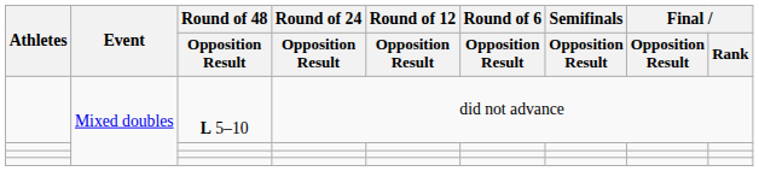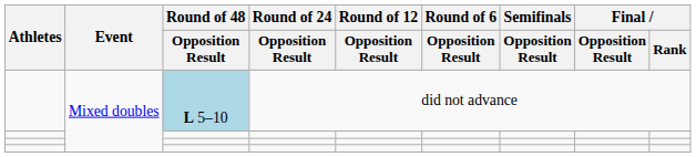 <table class="wikitable" style="font-size:90%; text-align:center;">
 <tr>
 <th rowspan=2>Athletes</th>
 <th rowspan=2>Event</th>
 <th>Round of 48</th>
 <th>Round of 24</th>
 <th>Round of 12</th>
 <th>Round of 6</th>
 <th>Semifinals</th>
 <th colspan=2>Final / </th>
 </tr>
 <tr style="font-size:95%">
 <th>Opposition<br>Result</th>
 <th>Opposition<br>Result</th>
 <th>Opposition<br>Result</th>
 <th>Opposition<br>Result</th>
 <th>Opposition<br>Result</th>
 <th>Opposition<br>Result</th>
 <th>Rank</th>
 </tr>
 <tr>
 <td align=left><br></td>
 <td align=left rowspan=4><a href='#'>Mixed doubles</a></td>
-<td><br><br><strong>L</strong> 5–10</td>
+<td style="background: lightblue;"><br><br><strong>L</strong> 5–10</td>
 <td align=center colspan=6>did not advance</td>
 </tr>
 <tr>
 <td align=left></td>
 <td></td>
 <td></td>
 <td></td>
 <td></td>
 <td></td>
 <td></td>
 <td></td>
 </tr>
 <tr>
 <td align=left></td>
 <td></td>
 <td></td>
 <td></td>
 <td></td>
 <td></td>
 <td></td>
 <td></td>
 </tr>
 <tr>
 <td align=left></td>
 <td></td>
 <td></td>
 <td></td>
 <td></td>
 <td></td>
 <td></td>
 <td></td>
 </tr>
 </table>
